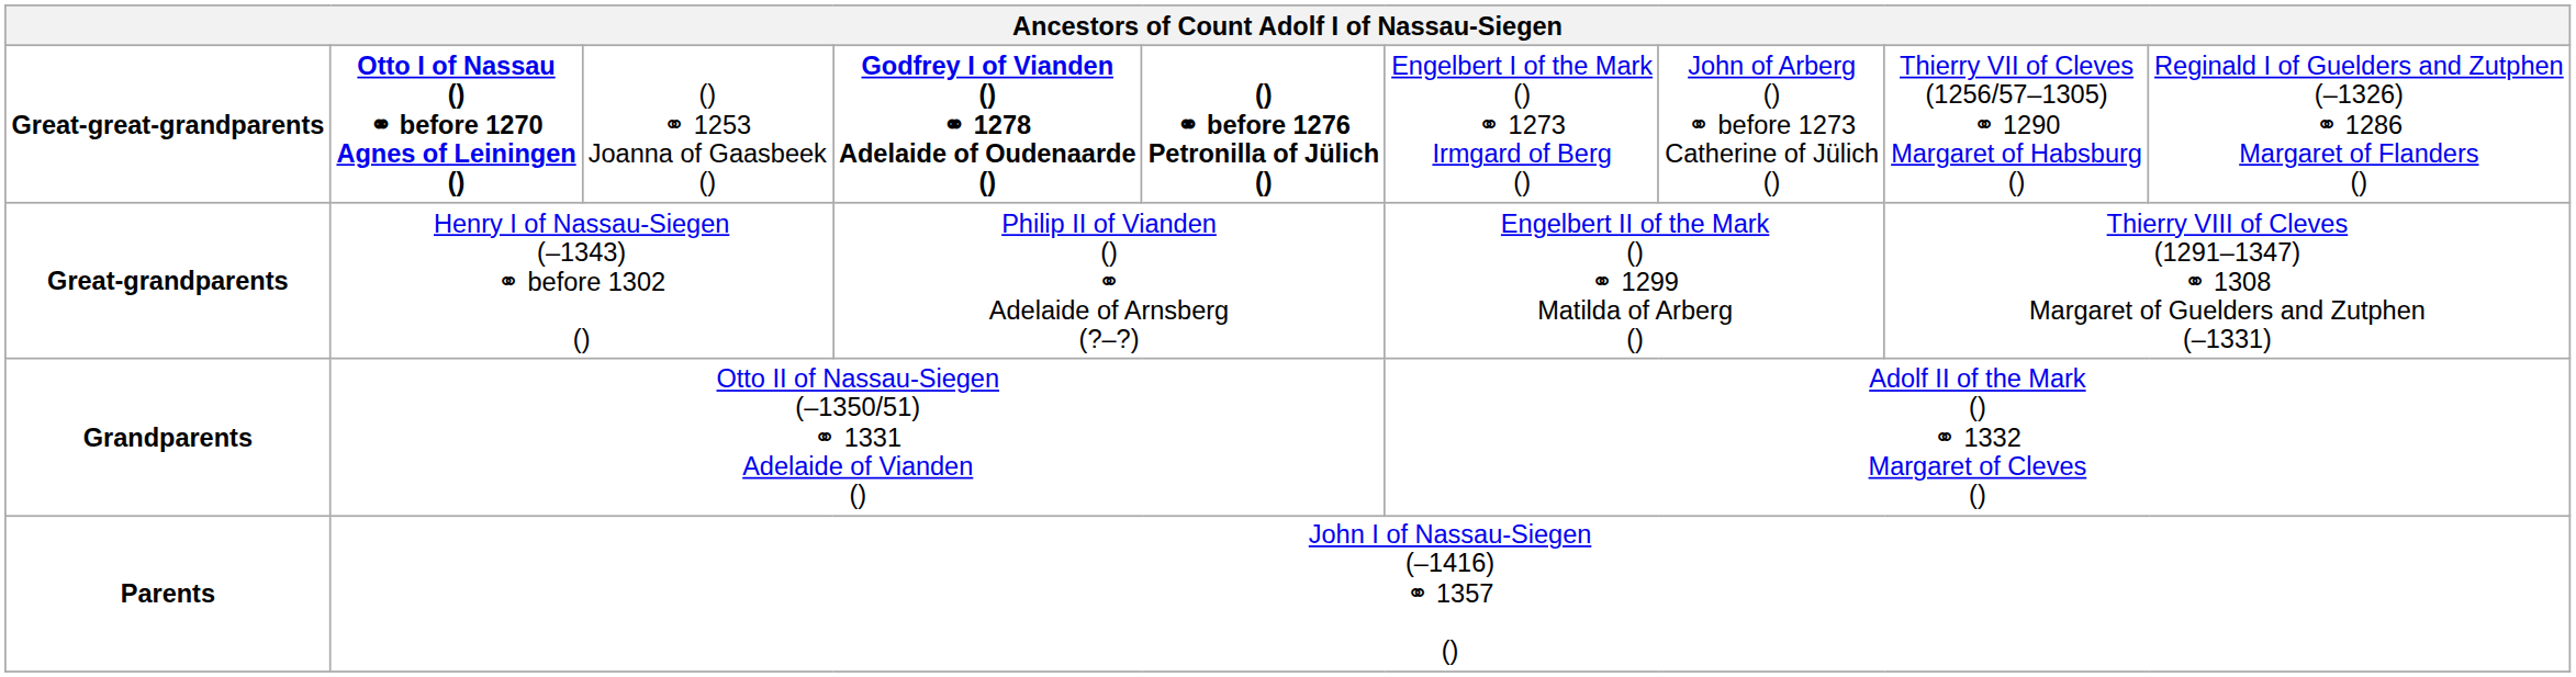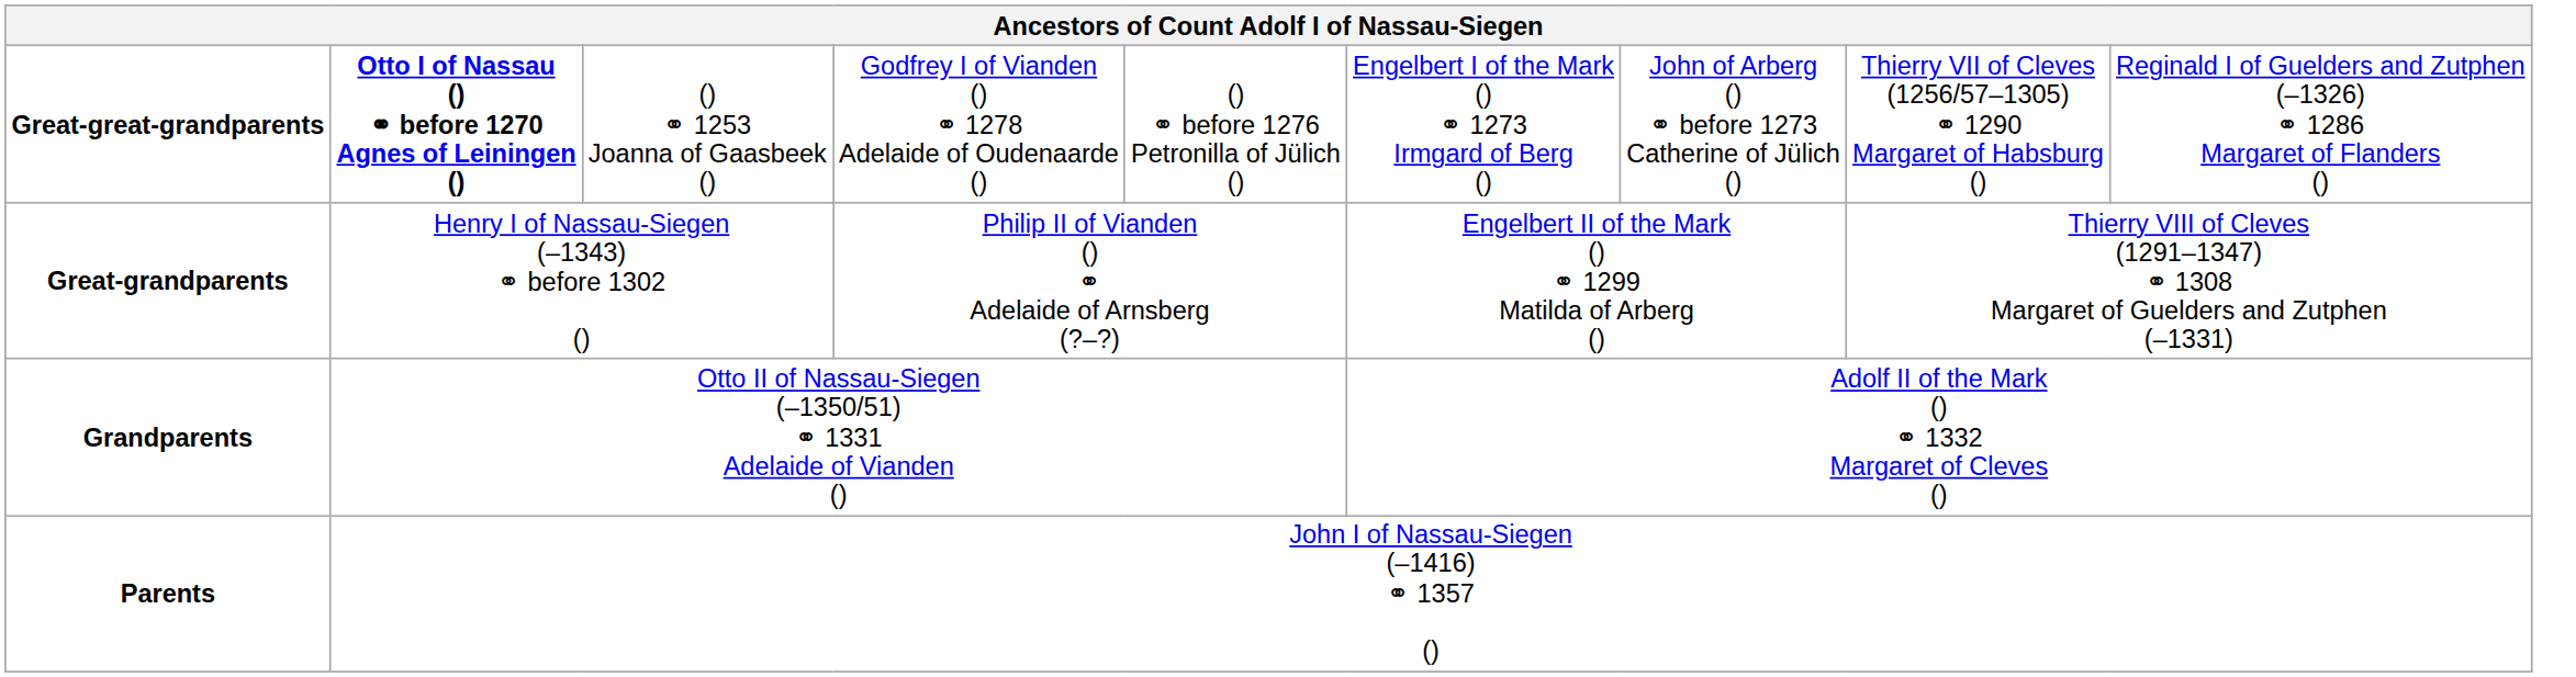 <table class="wikitable" style="background:#FFFFFF; font-size:85%; text-align:center">
 <tr bgcolor="#E0E0E0">
 <th colspan="9">Ancestors of Count Adolf I of Nassau-Siegen</th>
 </tr>
 <tr>
 <td><strong>Great-great-grandparents</strong></td>
 <td colspan="1"><strong><a href='#'>Otto I of Nassau</a><br>()<br>⚭ before 1270<br><a href='#'>Agnes of Leiningen</a><br>()</strong></td>
 <td colspan="1"><br>()<br>⚭ 1253<br>Joanna of Gaasbeek<br>()</td>
-<td colspan="1"><strong><a href='#'>Godfrey I of Vianden</a><br>()<br>⚭ 1278<br>Adelaide of Oudenaarde<br>()</strong></td>
-<td colspan="1"><strong><br>()<br>⚭ before 1276<br>Petronilla of Jülich<br>()</strong></td>
+<td colspan="1"><a href='#'>Godfrey I of Vianden</a><br>()<br>⚭ 1278<br>Adelaide of Oudenaarde<br>()</td>
+<td colspan="1"><br>()<br>⚭ before 1276<br>Petronilla of Jülich<br>()</td>
 <td colspan="1"><a href='#'>Engelbert I of the Mark</a><br>()<br>⚭ 1273<br><a href='#'>Irmgard of Berg</a><br>()</td>
 <td colspan="1"><a href='#'>John of Arberg</a><br>()<br>⚭ before 1273<br>Catherine of Jülich<br>()</td>
 <td colspan="1"><a href='#'>Thierry VII of Cleves</a><br>(1256/57–1305)<br>⚭ 1290<br><a href='#'>Margaret of Habsburg</a><br>()</td>
 <td colspan="1"><a href='#'>Reginald I of Guelders and Zutphen</a><br>(–1326)<br>⚭ 1286<br><a href='#'>Margaret of Flanders</a><br>()</td>
 </tr>
 <tr>
 <td><strong>Great-grandparents</strong></td>
 <td colspan="2"><a href='#'>Henry I of Nassau-Siegen</a><br>(–1343)<br>⚭ before 1302<br><br>()</td>
 <td colspan="2"><a href='#'>Philip II of Vianden</a><br>()<br>⚭<br>Adelaide of Arnsberg<br>(?–?)</td>
 <td colspan="2"><a href='#'>Engelbert&nbsp;II of the Mark</a><br>()<br>⚭ 1299<br>Matilda of Arberg<br>()</td>
 <td colspan="2"><a href='#'>Thierry VIII of Cleves</a><br>(1291–1347)<br>⚭ 1308<br>Margaret of Guelders and Zutphen<br>(–1331)</td>
 </tr>
 <tr>
 <td><strong>Grandparents</strong></td>
 <td colspan="4"><a href='#'>Otto II of Nassau-Siegen</a><br>(–1350/51)<br>⚭ 1331<br><a href='#'>Adelaide of Vianden</a><br>()</td>
 <td colspan="4"><a href='#'>Adolf II of the Mark</a><br>()<br>⚭ 1332<br><a href='#'>Margaret of Cleves</a><br>()</td>
 </tr>
 <tr>
 <td><strong>Parents</strong></td>
 <td colspan="8"><a href='#'>John I of Nassau-Siegen</a><br>(–1416)<br>⚭ 1357<br><br>()</td>
 </tr>
 </table>
